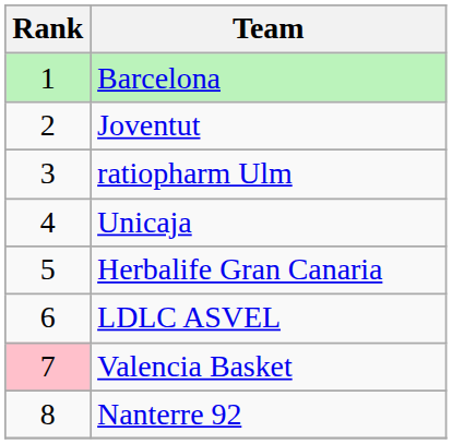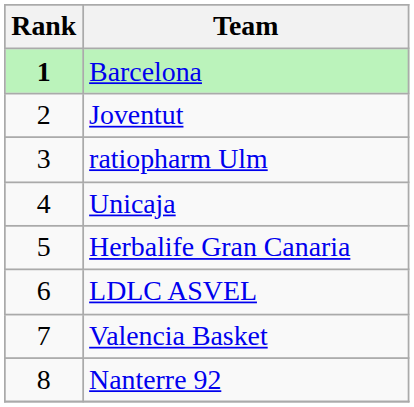 <table class="wikitable">
 <tr>
 <th>Rank</th>
 <th style="width:180px;">Team</th>
 </tr>
 <tr style="background:#bbf3bb;">
-<td align=center>1</td>
+<td align=center><strong>1</strong></td>
 <td> <a href='#'>Barcelona</a></td>
 </tr>
 <tr>
 <td align=center>2</td>
 <td> <a href='#'>Joventut</a></td>
 </tr>
 <tr>
 <td align=center>3</td>
 <td> <a href='#'>ratiopharm Ulm</a></td>
 </tr>
 <tr>
 <td align=center>4</td>
 <td> <a href='#'>Unicaja</a></td>
 </tr>
 <tr>
 <td align=center>5</td>
 <td> <a href='#'>Herbalife Gran Canaria</a></td>
 </tr>
 <tr>
 <td align=center>6</td>
 <td> <a href='#'>LDLC ASVEL</a></td>
 </tr>
 <tr>
-<td align=center style="background: pink;">7</td>
+<td align=center>7</td>
 <td> <a href='#'>Valencia Basket</a></td>
 </tr>
 <tr>
 <td align=center>8</td>
 <td> <a href='#'>Nanterre 92</a></td>
 </tr>
 <tr>
 </tr>
 </table>
